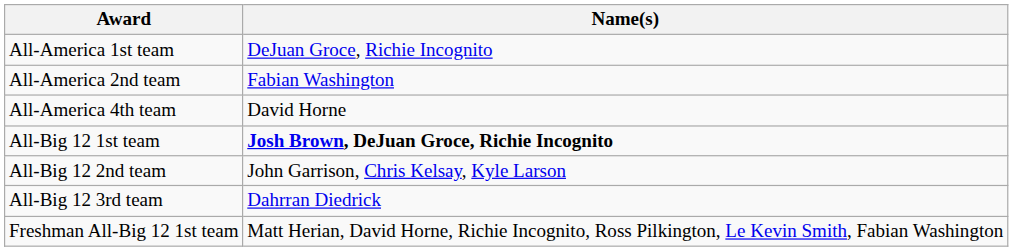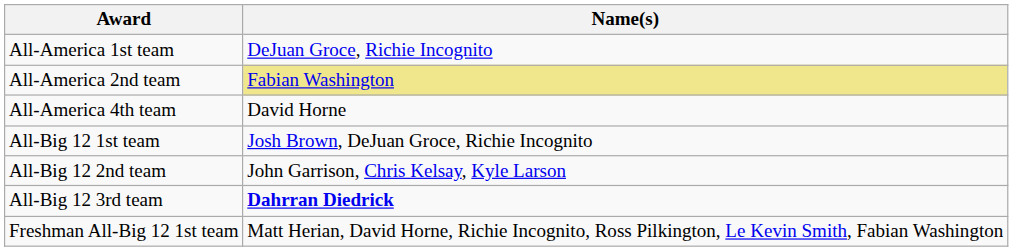 <table class="wikitable">
 <tr>
 <th>Award</th>
 <th>Name(s)</th>
 </tr>
 <tr>
 <td>All-America 1st team</td>
 <td><a href='#'>DeJuan Groce</a>, <a href='#'>Richie Incognito</a></td>
 </tr>
 <tr>
 <td>All-America 2nd team</td>
-<td><a href='#'>Fabian Washington</a></td>
+<td style="background: khaki;"><a href='#'>Fabian Washington</a></td>
 </tr>
 <tr>
 <td>All-America 4th team</td>
 <td>David Horne</td>
 </tr>
 <tr>
 <td>All-Big 12 1st team</td>
-<td><strong><a href='#'>Josh Brown</a>, DeJuan Groce, Richie Incognito</strong></td>
+<td><a href='#'>Josh Brown</a>, DeJuan Groce, Richie Incognito</td>
 </tr>
 <tr>
 <td>All-Big 12 2nd team</td>
 <td>John Garrison, <a href='#'>Chris Kelsay</a>, <a href='#'>Kyle Larson</a></td>
 </tr>
 <tr>
 <td>All-Big 12 3rd team</td>
-<td><a href='#'>Dahrran Diedrick</a></td>
+<td><strong><a href='#'>Dahrran Diedrick</a></strong></td>
 </tr>
 <tr>
 <td>Freshman All-Big 12 1st team</td>
 <td>Matt Herian, David Horne, Richie Incognito, Ross Pilkington, <a href='#'>Le Kevin Smith</a>, Fabian Washington</td>
 </tr>
 </table>
